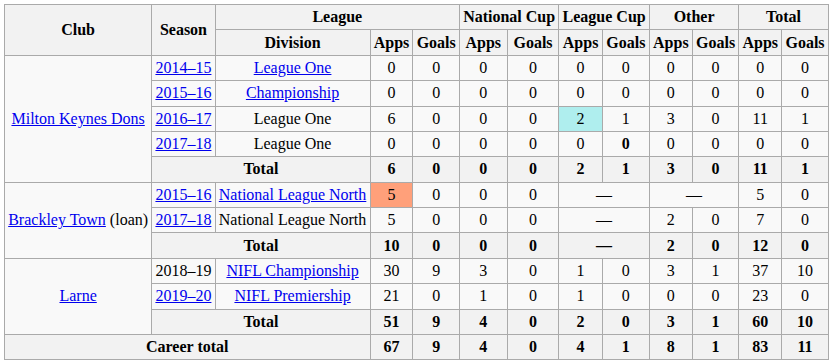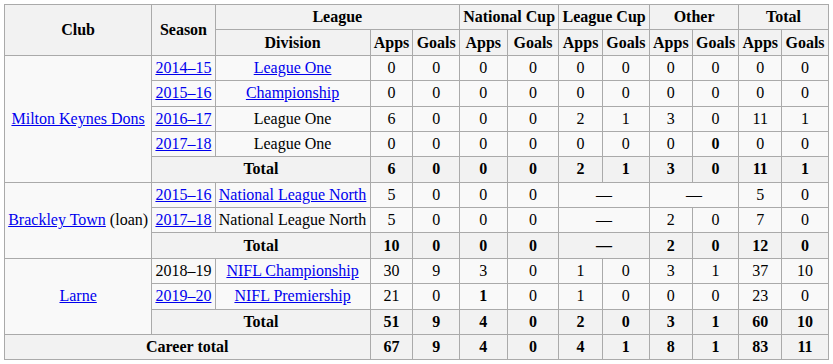 <table class=wikitable style="text-align: center">
 <tr>
 <th rowspan=2>Club</th>
 <th rowspan=2>Season</th>
 <th colspan=3>League</th>
 <th colspan=2>National Cup</th>
 <th colspan=2>League Cup</th>
 <th colspan=2>Other</th>
 <th colspan=2>Total</th>
 </tr>
 <tr>
 <th>Division</th>
 <th>Apps</th>
 <th>Goals</th>
 <th>Apps</th>
 <th>Goals</th>
 <th>Apps</th>
 <th>Goals</th>
 <th>Apps</th>
 <th>Goals</th>
 <th>Apps</th>
 <th>Goals</th>
 </tr>
 <tr>
 <td rowspan=5><a href='#'>Milton Keynes Dons</a></td>
 <td><a href='#'>2014–15</a></td>
 <td><a href='#'>League One</a></td>
 <td>0</td>
 <td>0</td>
 <td>0</td>
 <td>0</td>
 <td>0</td>
 <td>0</td>
 <td>0</td>
 <td>0</td>
 <td>0</td>
 <td>0</td>
 </tr>
 <tr>
 <td><a href='#'>2015–16</a></td>
 <td><a href='#'>Championship</a></td>
 <td>0</td>
 <td>0</td>
 <td>0</td>
 <td>0</td>
 <td>0</td>
 <td>0</td>
 <td>0</td>
 <td>0</td>
 <td>0</td>
 <td>0</td>
 </tr>
 <tr>
 <td><a href='#'>2016–17</a></td>
 <td>League One</td>
 <td>6</td>
 <td>0</td>
 <td>0</td>
 <td>0</td>
-<td style="background: paleturquoise;">2</td>
+<td>2</td>
 <td>1</td>
 <td>3</td>
 <td>0</td>
 <td>11</td>
 <td>1</td>
 </tr>
 <tr>
 <td><a href='#'>2017–18</a></td>
 <td>League One</td>
 <td>0</td>
 <td>0</td>
 <td>0</td>
 <td>0</td>
 <td>0</td>
-<td><strong>0</strong></td>
 <td>0</td>
 <td>0</td>
+<td><strong>0</strong></td>
 <td>0</td>
 <td>0</td>
 </tr>
 <tr>
 <th colspan=2>Total</th>
 <th>6</th>
 <th>0</th>
 <th>0</th>
 <th>0</th>
 <th>2</th>
 <th>1</th>
 <th>3</th>
 <th>0</th>
 <th>11</th>
 <th>1</th>
 </tr>
 <tr>
 <td rowspan="3"><a href='#'>Brackley Town</a> (loan)</td>
 <td><a href='#'>2015–16</a></td>
 <td><a href='#'>National League North</a></td>
-<td style="background: lightsalmon;">5</td>
+<td>5</td>
 <td>0</td>
 <td>0</td>
 <td>0</td>
 <td colspan=2>—</td>
 <td colspan=2>—</td>
 <td>5</td>
 <td>0</td>
 </tr>
 <tr>
 <td><a href='#'>2017–18</a></td>
 <td>National League North</td>
 <td>5</td>
 <td>0</td>
 <td>0</td>
 <td>0</td>
 <td colspan=2>—</td>
 <td>2</td>
 <td>0</td>
 <td>7</td>
 <td>0</td>
 </tr>
 <tr>
 <th colspan="2">Total</th>
 <th>10</th>
 <th>0</th>
 <th>0</th>
 <th>0</th>
 <th colspan=2>—</th>
 <th>2</th>
 <th>0</th>
 <th>12</th>
 <th>0</th>
 </tr>
 <tr>
 <td rowspan="3"><a href='#'>Larne</a></td>
 <td>2018–19</td>
 <td><a href='#'>NIFL Championship</a></td>
 <td>30</td>
 <td>9</td>
 <td>3</td>
 <td>0</td>
 <td>1</td>
 <td>0</td>
 <td>3</td>
 <td>1</td>
 <td>37</td>
 <td>10</td>
 </tr>
 <tr>
 <td><a href='#'>2019–20</a></td>
 <td><a href='#'>NIFL Premiership</a></td>
 <td>21</td>
 <td>0</td>
-<td>1</td>
+<td><strong>1</strong></td>
 <td>0</td>
 <td>1</td>
 <td>0</td>
 <td>0</td>
 <td>0</td>
 <td>23</td>
 <td>0</td>
 </tr>
 <tr>
 <th colspan="2">Total</th>
 <th>51</th>
 <th>9</th>
 <th>4</th>
 <th>0</th>
 <th>2</th>
 <th>0</th>
 <th>3</th>
 <th>1</th>
 <th>60</th>
 <th>10</th>
 </tr>
 <tr>
 <th colspan=3>Career total</th>
 <th>67</th>
 <th>9</th>
 <th>4</th>
 <th>0</th>
 <th>4</th>
 <th>1</th>
 <th>8</th>
 <th>1</th>
 <th>83</th>
 <th>11</th>
 </tr>
 </table>
